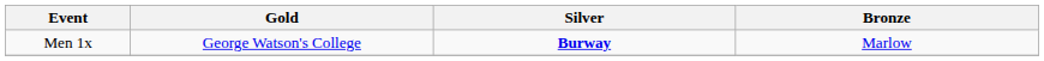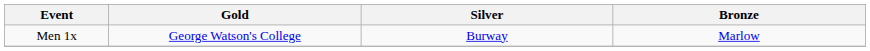 <table class="wikitable" style="text-align:center">
 <tr>
 <th width=120>Event</th>
 <th width=300>Gold</th>
 <th width=300>Silver</th>
 <th width=300>Bronze</th>
 </tr>
 <tr>
 <td>Men 1x</td>
 <td><a href='#'>George Watson's College</a></td>
-<td><strong><a href='#'>Burway</a></strong></td>
+<td><a href='#'>Burway</a></td>
 <td><a href='#'>Marlow</a></td>
 </tr>
 <tr>
 </tr>
 </table>
